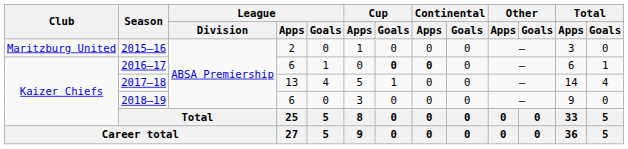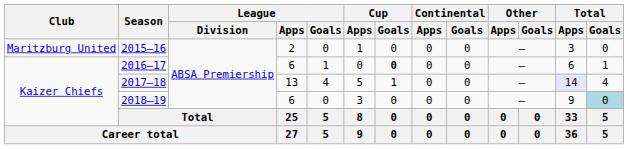 <table class="wikitable" style="text-align: center">
 <tr>
 <th rowspan="2">Club</th>
 <th rowspan="2">Season</th>
 <th colspan="3">League</th>
 <th colspan="2">Cup</th>
 <th colspan="2">Continental</th>
 <th colspan="2">Other</th>
 <th colspan="2">Total</th>
 </tr>
 <tr>
 <th>Division</th>
 <th>Apps</th>
 <th>Goals</th>
 <th>Apps</th>
 <th>Goals</th>
 <th>Apps</th>
 <th>Goals</th>
 <th>Apps</th>
 <th>Goals</th>
 <th>Apps</th>
 <th>Goals</th>
 </tr>
 <tr>
 <td><a href='#'>Maritzburg United</a></td>
 <td><a href='#'>2015–16</a></td>
 <td rowspan="4"><a href='#'>ABSA Premiership</a></td>
 <td>2</td>
 <td>0</td>
 <td>1</td>
 <td>0</td>
 <td>0</td>
 <td>0</td>
 <td colspan="2">–</td>
 <td>3</td>
 <td>0</td>
 </tr>
 <tr>
 <td rowspan="4"><a href='#'>Kaizer Chiefs</a></td>
 <td><a href='#'>2016–17</a></td>
 <td>6</td>
 <td>1</td>
 <td>0</td>
 <td><strong>0</strong></td>
-<td><strong>0</strong></td>
+<td>0</td>
 <td>0</td>
 <td colspan="2">–</td>
 <td>6</td>
 <td>1</td>
 </tr>
 <tr>
 <td><a href='#'>2017–18</a></td>
 <td>13</td>
 <td>4</td>
 <td>5</td>
 <td>1</td>
 <td>0</td>
 <td>0</td>
 <td colspan="2">–</td>
-<td>14</td>
+<td style="background: lavender;">14</td>
 <td>4</td>
 </tr>
 <tr>
 <td><a href='#'>2018–19</a></td>
 <td>6</td>
 <td>0</td>
 <td>3</td>
 <td>0</td>
 <td>0</td>
 <td>0</td>
 <td colspan="2">–</td>
 <td>9</td>
-<td>0</td>
+<td style="background: lightblue;">0</td>
 </tr>
 <tr>
 <th colspan="2"><strong>Total</strong></th>
 <th>25</th>
 <th>5</th>
 <th>8</th>
 <th>0</th>
 <th>0</th>
 <th>0</th>
 <th>0</th>
 <th>0</th>
 <th>33</th>
 <th>5</th>
 </tr>
 <tr>
 <th colspan="3"><strong>Career total</strong></th>
 <th>27</th>
 <th>5</th>
 <th>9</th>
 <th>0</th>
 <th>0</th>
 <th>0</th>
 <th>0</th>
 <th>0</th>
 <th>36</th>
 <th>5</th>
 </tr>
 </table>
